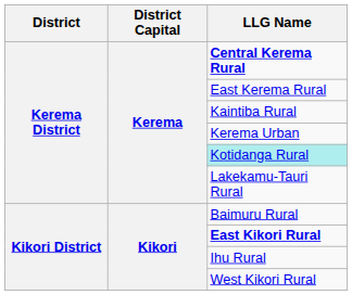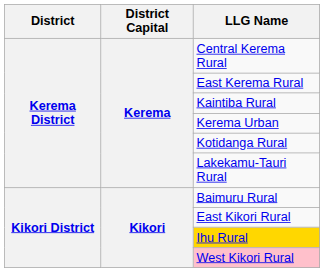 <table class="wikitable" style="text-align: left;" width="400">
 <tr>
 <th>District</th>
 <th>District Capital</th>
 <th>LLG Name</th>
 </tr>
 <tr>
 <th rowspan="6"><a href='#'>Kerema District</a></th>
 <th rowspan="6"><a href='#'>Kerema</a></th>
-<td><strong><a href='#'>Central Kerema Rural</a></strong></td>
+<td><a href='#'>Central Kerema Rural</a></td>
 </tr>
 <tr>
 <td><a href='#'>East Kerema Rural</a></td>
 </tr>
 <tr>
 <td><a href='#'>Kaintiba Rural</a></td>
 </tr>
 <tr>
 <td><a href='#'>Kerema Urban</a></td>
 </tr>
 <tr>
-<td style="background: paleturquoise;"><a href='#'>Kotidanga Rural</a></td>
+<td><a href='#'>Kotidanga Rural</a></td>
 </tr>
 <tr>
 <td><a href='#'>Lakekamu-Tauri Rural</a></td>
 </tr>
 <tr>
 <th rowspan="4"><a href='#'>Kikori District</a></th>
 <th rowspan="4"><a href='#'>Kikori</a></th>
 <td><a href='#'>Baimuru Rural</a></td>
 </tr>
 <tr>
-<td><strong><a href='#'>East Kikori Rural</a></strong></td>
+<td><a href='#'>East Kikori Rural</a></td>
 </tr>
 <tr>
-<td><a href='#'>Ihu Rural</a></td>
+<td style="background: gold;"><a href='#'>Ihu Rural</a></td>
 </tr>
 <tr>
-<td><a href='#'>West Kikori Rural</a></td>
+<td style="background: pink;"><a href='#'>West Kikori Rural</a></td>
 </tr>
 </table>
